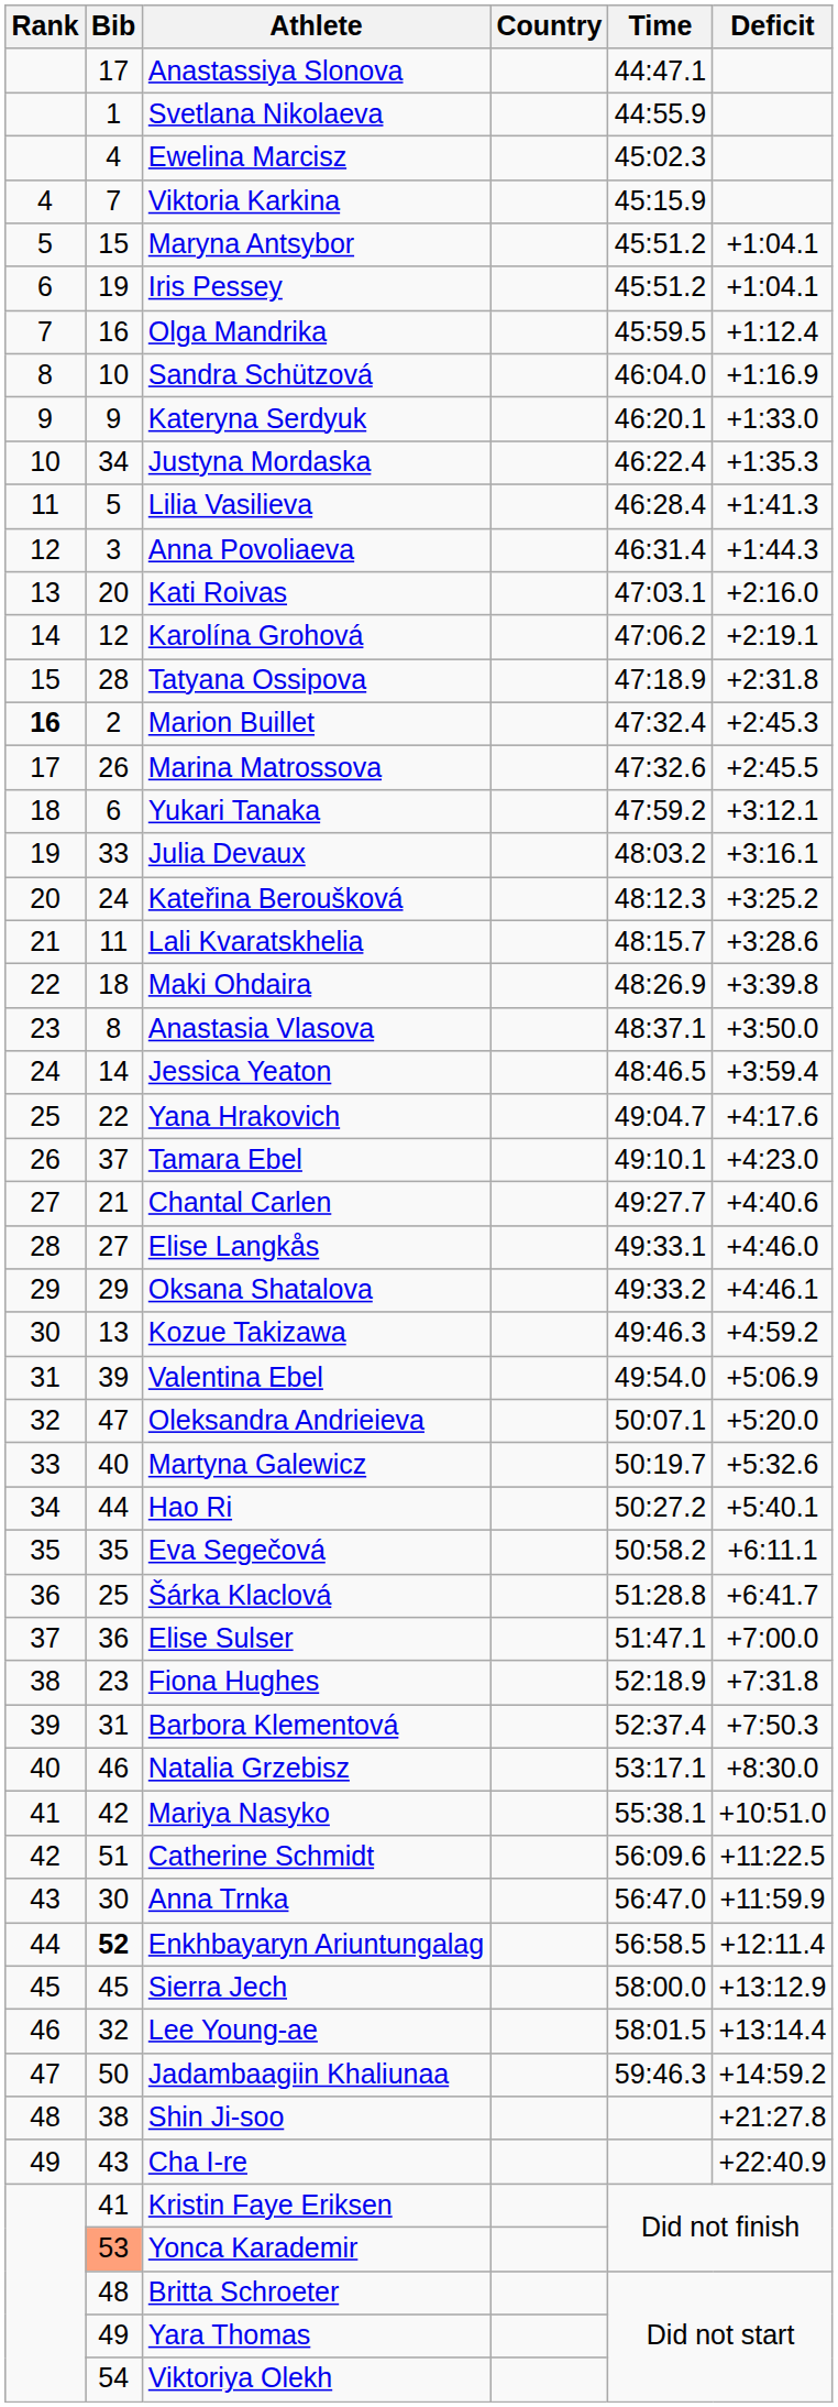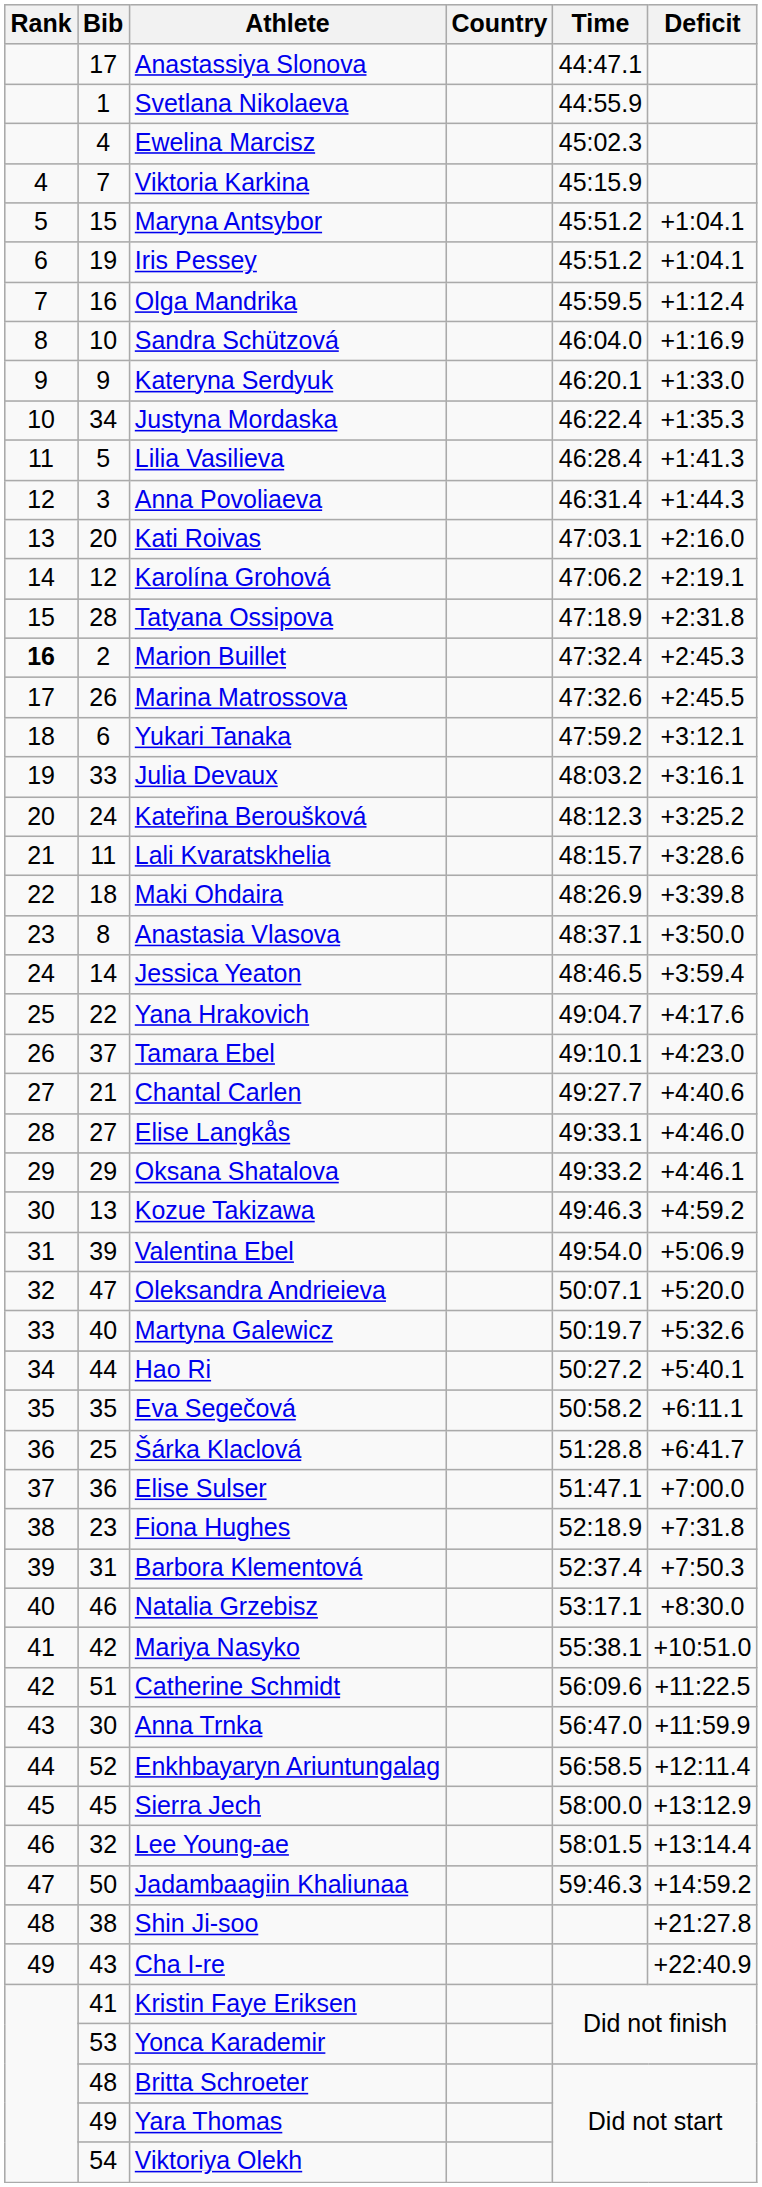 <table class="wikitable sortable" style="text-align:center">
 <tr>
 <th>Rank</th>
 <th>Bib</th>
 <th>Athlete</th>
 <th>Country</th>
 <th>Time</th>
 <th>Deficit</th>
 </tr>
 <tr>
 <td></td>
 <td>17</td>
 <td align=left><a href='#'>Anastassiya Slonova</a></td>
 <td align=left></td>
 <td>44:47.1</td>
 <td></td>
 </tr>
 <tr>
 <td></td>
 <td>1</td>
 <td align=left><a href='#'>Svetlana Nikolaeva</a></td>
 <td align=left></td>
 <td>44:55.9</td>
 <td></td>
 </tr>
 <tr>
 <td></td>
 <td>4</td>
 <td align=left><a href='#'>Ewelina Marcisz</a></td>
 <td align=left></td>
 <td>45:02.3</td>
 <td></td>
 </tr>
 <tr>
 <td>4</td>
 <td>7</td>
 <td align=left><a href='#'>Viktoria Karkina</a></td>
 <td align=left></td>
 <td>45:15.9</td>
 <td></td>
 </tr>
 <tr>
 <td>5</td>
 <td>15</td>
 <td align=left><a href='#'>Maryna Antsybor</a></td>
 <td align=left></td>
 <td>45:51.2</td>
 <td>+1:04.1</td>
 </tr>
 <tr>
 <td>6</td>
 <td>19</td>
 <td align=left><a href='#'>Iris Pessey</a></td>
 <td align=left></td>
 <td>45:51.2</td>
 <td>+1:04.1</td>
 </tr>
 <tr>
 <td>7</td>
 <td>16</td>
 <td align=left><a href='#'>Olga Mandrika</a></td>
 <td align=left></td>
 <td>45:59.5</td>
 <td>+1:12.4</td>
 </tr>
 <tr>
 <td>8</td>
 <td>10</td>
 <td align=left><a href='#'>Sandra Schützová</a></td>
 <td align=left></td>
 <td>46:04.0</td>
 <td>+1:16.9</td>
 </tr>
 <tr>
 <td>9</td>
 <td>9</td>
 <td align=left><a href='#'>Kateryna Serdyuk</a></td>
 <td align=left></td>
 <td>46:20.1</td>
 <td>+1:33.0</td>
 </tr>
 <tr>
 <td>10</td>
 <td>34</td>
 <td align=left><a href='#'>Justyna Mordaska</a></td>
 <td align=left></td>
 <td>46:22.4</td>
 <td>+1:35.3</td>
 </tr>
 <tr>
 <td>11</td>
 <td>5</td>
 <td align=left><a href='#'>Lilia Vasilieva</a></td>
 <td align=left></td>
 <td>46:28.4</td>
 <td>+1:41.3</td>
 </tr>
 <tr>
 <td>12</td>
 <td>3</td>
 <td align=left><a href='#'>Anna Povoliaeva</a></td>
 <td align=left></td>
 <td>46:31.4</td>
 <td>+1:44.3</td>
 </tr>
 <tr>
 <td>13</td>
 <td>20</td>
 <td align=left><a href='#'>Kati Roivas</a></td>
 <td align=left></td>
 <td>47:03.1</td>
 <td>+2:16.0</td>
 </tr>
 <tr>
 <td>14</td>
 <td>12</td>
 <td align=left><a href='#'>Karolína Grohová</a></td>
 <td align=left></td>
 <td>47:06.2</td>
 <td>+2:19.1</td>
 </tr>
 <tr>
 <td>15</td>
 <td>28</td>
 <td align=left><a href='#'>Tatyana Ossipova</a></td>
 <td align=left></td>
 <td>47:18.9</td>
 <td>+2:31.8</td>
 </tr>
 <tr>
 <td><strong>16</strong></td>
 <td>2</td>
 <td align=left><a href='#'>Marion Buillet</a></td>
 <td align=left></td>
 <td>47:32.4</td>
 <td>+2:45.3</td>
 </tr>
 <tr>
 <td>17</td>
 <td>26</td>
 <td align=left><a href='#'>Marina Matrossova</a></td>
 <td align=left></td>
 <td>47:32.6</td>
 <td>+2:45.5</td>
 </tr>
 <tr>
 <td>18</td>
 <td>6</td>
 <td align=left><a href='#'>Yukari Tanaka</a></td>
 <td align=left></td>
 <td>47:59.2</td>
 <td>+3:12.1</td>
 </tr>
 <tr>
 <td>19</td>
 <td>33</td>
 <td align=left><a href='#'>Julia Devaux</a></td>
 <td align=left></td>
 <td>48:03.2</td>
 <td>+3:16.1</td>
 </tr>
 <tr>
 <td>20</td>
 <td>24</td>
 <td align=left><a href='#'>Kateřina Beroušková</a></td>
 <td align=left></td>
 <td>48:12.3</td>
 <td>+3:25.2</td>
 </tr>
 <tr>
 <td>21</td>
 <td>11</td>
 <td align=left><a href='#'>Lali Kvaratskhelia</a></td>
 <td align=left></td>
 <td>48:15.7</td>
 <td>+3:28.6</td>
 </tr>
 <tr>
 <td>22</td>
 <td>18</td>
 <td align=left><a href='#'>Maki Ohdaira</a></td>
 <td align=left></td>
 <td>48:26.9</td>
 <td>+3:39.8</td>
 </tr>
 <tr>
 <td>23</td>
 <td>8</td>
 <td align=left><a href='#'>Anastasia Vlasova</a></td>
 <td align=left></td>
 <td>48:37.1</td>
 <td>+3:50.0</td>
 </tr>
 <tr>
 <td>24</td>
 <td>14</td>
 <td align=left><a href='#'>Jessica Yeaton</a></td>
 <td align=left></td>
 <td>48:46.5</td>
 <td>+3:59.4</td>
 </tr>
 <tr>
 <td>25</td>
 <td>22</td>
 <td align=left><a href='#'>Yana Hrakovich</a></td>
 <td align=left></td>
 <td>49:04.7</td>
 <td>+4:17.6</td>
 </tr>
 <tr>
 <td>26</td>
 <td>37</td>
 <td align=left><a href='#'>Tamara Ebel</a></td>
 <td align=left></td>
 <td>49:10.1</td>
 <td>+4:23.0</td>
 </tr>
 <tr>
 <td>27</td>
 <td>21</td>
 <td align=left><a href='#'>Chantal Carlen</a></td>
 <td align=left></td>
 <td>49:27.7</td>
 <td>+4:40.6</td>
 </tr>
 <tr>
 <td>28</td>
 <td>27</td>
 <td align=left><a href='#'>Elise Langkås</a></td>
 <td align=left></td>
 <td>49:33.1</td>
 <td>+4:46.0</td>
 </tr>
 <tr>
 <td>29</td>
 <td>29</td>
 <td align=left><a href='#'>Oksana Shatalova</a></td>
 <td align=left></td>
 <td>49:33.2</td>
 <td>+4:46.1</td>
 </tr>
 <tr>
 <td>30</td>
 <td>13</td>
 <td align=left><a href='#'>Kozue Takizawa</a></td>
 <td align=left></td>
 <td>49:46.3</td>
 <td>+4:59.2</td>
 </tr>
 <tr>
 <td>31</td>
 <td>39</td>
 <td align=left><a href='#'>Valentina Ebel</a></td>
 <td align=left></td>
 <td>49:54.0</td>
 <td>+5:06.9</td>
 </tr>
 <tr>
 <td>32</td>
 <td>47</td>
 <td align=left><a href='#'>Oleksandra Andrieieva</a></td>
 <td align=left></td>
 <td>50:07.1</td>
 <td>+5:20.0</td>
 </tr>
 <tr>
 <td>33</td>
 <td>40</td>
 <td align=left><a href='#'>Martyna Galewicz</a></td>
 <td align=left></td>
 <td>50:19.7</td>
 <td>+5:32.6</td>
 </tr>
 <tr>
 <td>34</td>
 <td>44</td>
 <td align=left><a href='#'>Hao Ri</a></td>
 <td align=left></td>
 <td>50:27.2</td>
 <td>+5:40.1</td>
 </tr>
 <tr>
 <td>35</td>
 <td>35</td>
 <td align=left><a href='#'>Eva Segečová</a></td>
 <td align=left></td>
 <td>50:58.2</td>
 <td>+6:11.1</td>
 </tr>
 <tr>
 <td>36</td>
 <td>25</td>
 <td align=left><a href='#'>Šárka Klaclová</a></td>
 <td align=left></td>
 <td>51:28.8</td>
 <td>+6:41.7</td>
 </tr>
 <tr>
 <td>37</td>
 <td>36</td>
 <td align=left><a href='#'>Elise Sulser</a></td>
 <td align=left></td>
 <td>51:47.1</td>
 <td>+7:00.0</td>
 </tr>
 <tr>
 <td>38</td>
 <td>23</td>
 <td align=left><a href='#'>Fiona Hughes</a></td>
 <td align=left></td>
 <td>52:18.9</td>
 <td>+7:31.8</td>
 </tr>
 <tr>
 <td>39</td>
 <td>31</td>
 <td align=left><a href='#'>Barbora Klementová</a></td>
 <td align=left></td>
 <td>52:37.4</td>
 <td>+7:50.3</td>
 </tr>
 <tr>
 <td>40</td>
 <td>46</td>
 <td align=left><a href='#'>Natalia Grzebisz</a></td>
 <td align=left></td>
 <td>53:17.1</td>
 <td>+8:30.0</td>
 </tr>
 <tr>
 <td>41</td>
 <td>42</td>
 <td align=left><a href='#'>Mariya Nasyko</a></td>
 <td align=left></td>
 <td>55:38.1</td>
 <td>+10:51.0</td>
 </tr>
 <tr>
 <td>42</td>
 <td>51</td>
 <td align=left><a href='#'>Catherine Schmidt</a></td>
 <td align=left></td>
 <td>56:09.6</td>
 <td>+11:22.5</td>
 </tr>
 <tr>
 <td>43</td>
 <td>30</td>
 <td align=left><a href='#'>Anna Trnka</a></td>
 <td align=left></td>
 <td>56:47.0</td>
 <td>+11:59.9</td>
 </tr>
 <tr>
 <td>44</td>
-<td><strong>52</strong></td>
+<td>52</td>
 <td align=left><a href='#'>Enkhbayaryn Ariuntungalag</a></td>
 <td align=left></td>
 <td>56:58.5</td>
 <td>+12:11.4</td>
 </tr>
 <tr>
 <td>45</td>
 <td>45</td>
 <td align=left><a href='#'>Sierra Jech</a></td>
 <td align=left></td>
 <td>58:00.0</td>
 <td>+13:12.9</td>
 </tr>
 <tr>
 <td>46</td>
 <td>32</td>
 <td align=left><a href='#'>Lee Young-ae</a></td>
 <td align=left></td>
 <td>58:01.5</td>
 <td>+13:14.4</td>
 </tr>
 <tr>
 <td>47</td>
 <td>50</td>
 <td align=left><a href='#'>Jadambaagiin Khaliunaa</a></td>
 <td align=left></td>
 <td>59:46.3</td>
 <td>+14:59.2</td>
 </tr>
 <tr>
 <td>48</td>
 <td>38</td>
 <td align=left><a href='#'>Shin Ji-soo</a></td>
 <td align=left></td>
 <td></td>
 <td>+21:27.8</td>
 </tr>
 <tr>
 <td>49</td>
 <td>43</td>
 <td align=left><a href='#'>Cha I-re</a></td>
 <td align=left></td>
 <td></td>
 <td>+22:40.9</td>
 </tr>
 <tr>
 <td rowspan=5></td>
 <td>41</td>
 <td align=left><a href='#'>Kristin Faye Eriksen</a></td>
 <td align=left></td>
 <td colspan=2 rowspan=2>Did not finish</td>
 </tr>
 <tr>
-<td style="background: lightsalmon;">53</td>
+<td>53</td>
 <td align=left><a href='#'>Yonca Karademir</a></td>
 <td align=left></td>
 </tr>
 <tr>
 <td>48</td>
 <td align=left><a href='#'>Britta Schroeter</a></td>
 <td align=left></td>
 <td colspan=2 rowspan=3>Did not start</td>
 </tr>
 <tr>
 <td>49</td>
 <td align=left><a href='#'>Yara Thomas</a></td>
 <td align=left></td>
 </tr>
 <tr>
 <td>54</td>
 <td align=left><a href='#'>Viktoriya Olekh</a></td>
 <td align=left></td>
 </tr>
 </table>
